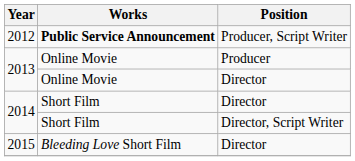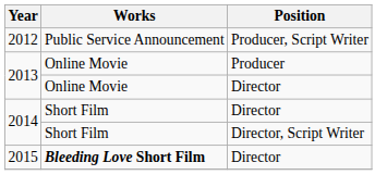 <table class="wikitable">
 <tr>
 <th>Year</th>
 <th>Works</th>
 <th>Position</th>
 </tr>
 <tr>
 <td>2012</td>
-<td><strong> Public Service Announcement</strong></td>
+<td> Public Service Announcement</td>
 <td>Producer, Script Writer</td>
 </tr>
 <tr>
 <td rowspan=2>2013</td>
 <td> Online Movie</td>
 <td>Producer</td>
 </tr>
 <tr>
 <td> Online Movie</td>
 <td>Director</td>
 </tr>
 <tr>
 <td rowspan=2>2014</td>
 <td> Short Film</td>
 <td>Director</td>
 </tr>
 <tr>
 <td> Short Film</td>
 <td>Director, Script Writer</td>
 </tr>
 <tr>
 <td>2015</td>
-<td><em>Bleeding Love</em> Short Film</td>
+<td><strong><em>Bleeding Love</em> Short Film</strong></td>
 <td>Director</td>
 </tr>
 <tr>
 </tr>
 </table>
